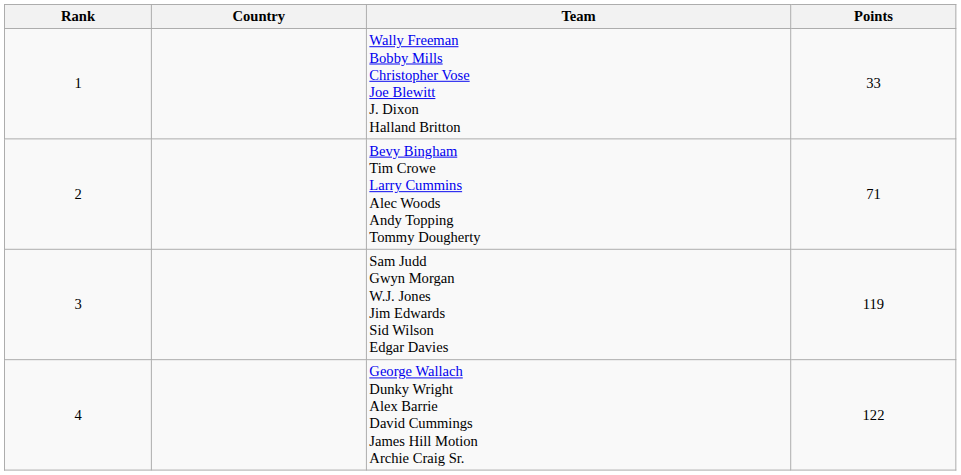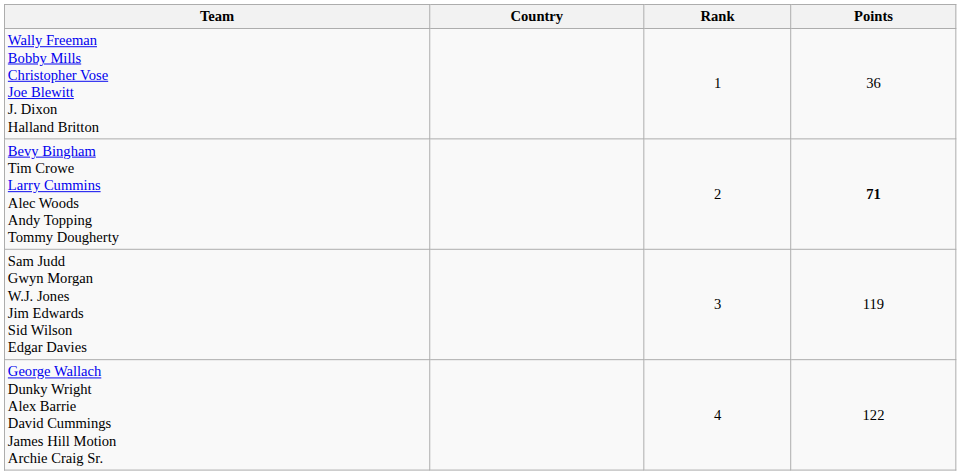 <table class="wikitable sortable" style=" text-align:center; font-size:95%;" width="50%">
 <tr>
+<th>Team</th>
+<th>Country</th>
 <th>Rank</th>
-<th>Country</th>
-<th>Team</th>
 <th>Points</th>
 </tr>
 <tr>
+<td align=left><a href='#'>Wally Freeman</a><br><a href='#'>Bobby Mills</a><br><a href='#'>Christopher Vose</a><br><a href='#'>Joe Blewitt</a><br>J. Dixon<br>Halland Britton</td>
+<td align=left></td>
 <td align=center>1</td>
-<td align=left></td>
-<td align=left><a href='#'>Wally Freeman</a><br><a href='#'>Bobby Mills</a><br><a href='#'>Christopher Vose</a><br><a href='#'>Joe Blewitt</a><br>J. Dixon<br>Halland Britton</td>
-<td>33</td>
+<td>36</td>
 </tr>
 <tr>
+<td align=left><a href='#'>Bevy Bingham</a><br>Tim Crowe<br><a href='#'>Larry Cummins</a><br>Alec Woods<br>Andy Topping<br>Tommy Dougherty</td>
+<td align=left></td>
 <td align=center>2</td>
-<td align=left></td>
-<td align=left><a href='#'>Bevy Bingham</a><br>Tim Crowe<br><a href='#'>Larry Cummins</a><br>Alec Woods<br>Andy Topping<br>Tommy Dougherty</td>
-<td>71</td>
+<td><strong>71</strong></td>
 </tr>
 <tr>
+<td align=left>Sam Judd<br>Gwyn Morgan<br>W.J. Jones<br>Jim Edwards<br>Sid Wilson<br>Edgar Davies</td>
+<td align=left></td>
 <td align=center>3</td>
-<td align=left></td>
-<td align=left>Sam Judd<br>Gwyn Morgan<br>W.J. Jones<br>Jim Edwards<br>Sid Wilson<br>Edgar Davies</td>
 <td>119</td>
 </tr>
 <tr>
+<td align=left><a href='#'>George Wallach</a><br>Dunky Wright<br>Alex Barrie<br>David Cummings<br>James Hill Motion<br>Archie Craig Sr.</td>
+<td align=left></td>
 <td align=center>4</td>
-<td align=left></td>
-<td align=left><a href='#'>George Wallach</a><br>Dunky Wright<br>Alex Barrie<br>David Cummings<br>James Hill Motion<br>Archie Craig Sr.</td>
 <td>122</td>
 </tr>
 </table>
